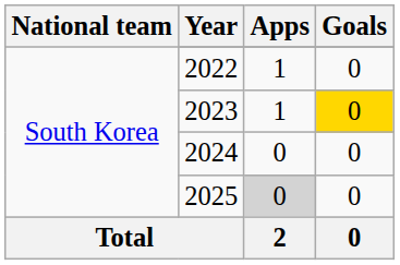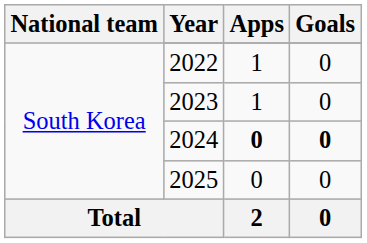 <table class="wikitable" style="text-align:center">
 <tr>
 <th>National team</th>
 <th>Year</th>
 <th>Apps</th>
 <th>Goals</th>
 </tr>
 <tr>
 <td rowspan="5"><a href='#'>South Korea</a></td>
 </tr>
 <tr>
 <td>2022</td>
 <td>1</td>
 <td>0</td>
 </tr>
 <tr>
 <td>2023</td>
 <td>1</td>
-<td style="background: gold;">0</td>
+<td>0</td>
 </tr>
 <tr>
 <td>2024</td>
-<td>0</td>
-<td>0</td>
+<td><strong>0</strong></td>
+<td><strong>0</strong></td>
 </tr>
 <tr>
 <td>2025</td>
-<td style="background: lightgrey;">0</td>
+<td>0</td>
 <td>0</td>
 </tr>
 <tr>
 <th colspan="2">Total</th>
 <th>2</th>
 <th>0</th>
 </tr>
 </table>
